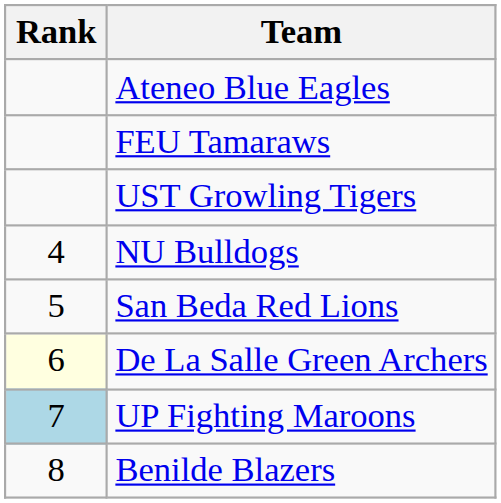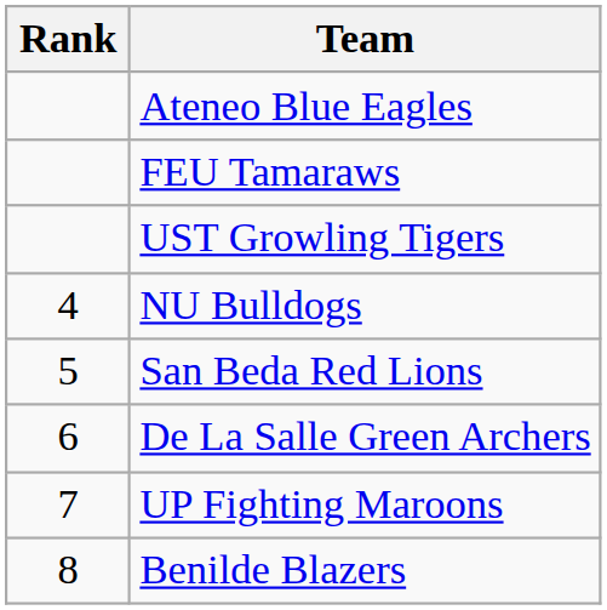 <table class="wikitable" style="text-align: center">
 <tr>
 <th width=40>Rank</th>
 <th>Team</th>
 </tr>
 <tr>
 <td></td>
 <td align="left"><a href='#'>Ateneo Blue Eagles</a></td>
 </tr>
 <tr>
 <td></td>
 <td align="left"><a href='#'>FEU Tamaraws</a></td>
 </tr>
 <tr>
 <td></td>
 <td align="left"><a href='#'>UST Growling Tigers</a></td>
 </tr>
 <tr>
 <td>4</td>
 <td align="left"><a href='#'>NU Bulldogs</a></td>
 </tr>
 <tr>
 <td>5</td>
 <td align="left"><a href='#'>San Beda Red Lions</a></td>
 </tr>
 <tr>
-<td style="background: lightyellow;">6</td>
+<td>6</td>
 <td align="left"><a href='#'>De La Salle Green Archers</a></td>
 </tr>
 <tr>
-<td style="background: lightblue;">7</td>
+<td>7</td>
 <td align="left"><a href='#'>UP Fighting Maroons</a></td>
 </tr>
 <tr>
 <td>8</td>
 <td align="left"><a href='#'>Benilde Blazers</a></td>
 </tr>
 </table>
